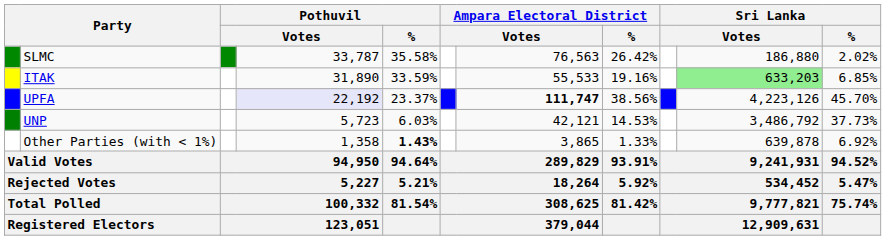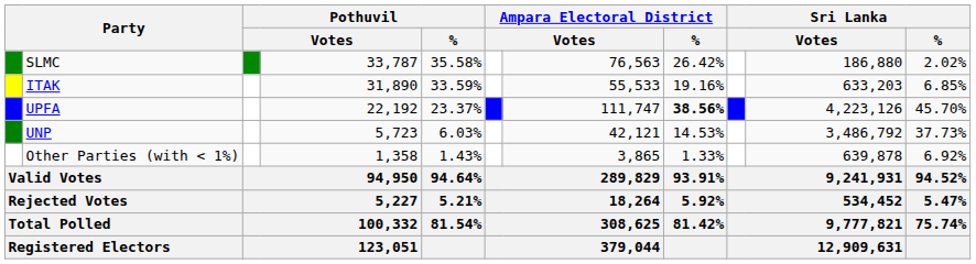 <table class="wikitable">
 <tr>
 <th colspan="2" width="144px"rowspan="2">Party</th>
 <th colspan="3" width="216px">Pothuvil</th>
 <th colspan="3" width="216px"><a href='#'>Ampara Electoral District</a></th>
 <th colspan="3" width="216px">Sri Lanka</th>
 </tr>
 <tr>
 <th colspan="2" width="144px">Votes</th>
 <th>%</th>
 <th colspan="2" width="144px">Votes</th>
 <th>%</th>
 <th colspan="2" width="144px">Votes</th>
 <th>%</th>
 </tr>
 <tr>
 <td style="background-color:#008800;" width="10px"></td>
 <td style="text-align:left;">SLMC</td>
 <td style="background-color:#008800;" width="10px"></td>
 <td style="text-align:right;">33,787</td>
 <td style="text-align:right;">35.58%</td>
 <td style="background-color:white;" width="10px"></td>
 <td style="text-align:right;">76,563</td>
 <td style="text-align:right;">26.42%</td>
 <td style="background-color:white;" width="10px"></td>
 <td style="text-align:right;">186,880</td>
 <td style="text-align:right;">2.02%</td>
 </tr>
 <tr>
 <td style="background-color:yellow;" width="10px"></td>
 <td style="text-align:left;"><a href='#'>ITAK</a></td>
 <td style="background-color:white;" width="10px"></td>
 <td style="text-align:right;">31,890</td>
 <td style="text-align:right;">33.59%</td>
 <td style="background-color:white;" width="10px"></td>
 <td style="text-align:right;">55,533</td>
 <td style="text-align:right;">19.16%</td>
 <td style="background-color:white;" width="10px"></td>
-<td style="background: lightgreen; text-align:right;">633,203</td>
+<td style="text-align:right;">633,203</td>
 <td style="text-align:right;">6.85%</td>
 </tr>
 <tr>
 <td style="background-color:blue;" width="10px"></td>
 <td style="text-align:left;"><a href='#'>UPFA</a></td>
 <td style="background-color:white;" width="10px"></td>
-<td style="background: lavender; text-align:right;">22,192</td>
+<td style="text-align:right;">22,192</td>
 <td style="text-align:right;">23.37%</td>
 <td style="background-color:blue;" width="10px"></td>
-<td style="text-align:right;"><strong>111,747</strong></td>
-<td style="text-align:right;">38.56%</td>
+<td style="text-align:right;">111,747</td>
+<td style="text-align:right;"><strong>38.56%</strong></td>
 <td style="background-color:blue;" width="10px"></td>
 <td style="text-align:right;">4,223,126</td>
 <td style="text-align:right;">45.70%</td>
 </tr>
 <tr>
 <td style="background-color:green;" width="10px"></td>
 <td style="text-align:left;"><a href='#'>UNP</a></td>
 <td style="background-color:white;" width="10px"></td>
 <td style="text-align:right;">5,723</td>
 <td style="text-align:right;">6.03%</td>
 <td style="background-color:white;" width="10px"></td>
 <td style="text-align:right;">42,121</td>
 <td style="text-align:right;">14.53%</td>
 <td style="background-color:white;" width="10px"></td>
 <td style="text-align:right;">3,486,792</td>
 <td style="text-align:right;">37.73%</td>
 </tr>
 <tr>
 <td style="background-color:white;" width="10px"></td>
 <td style="text-align:left;">Other Parties (with < 1%)</td>
 <td style="background-color:white;" width="10px"></td>
 <td style="text-align:right;">1,358</td>
-<td style="text-align:right;"><strong>1.43%</strong></td>
+<td style="text-align:right;">1.43%</td>
 <td style="background-color:white;" width="10px"></td>
 <td style="text-align:right;">3,865</td>
 <td style="text-align:right;">1.33%</td>
 <td style="background-color:white;" width="10px"></td>
 <td style="text-align:right;">639,878</td>
 <td style="text-align:right;">6.92%</td>
 </tr>
 <tr>
 <th colspan="2" width="144px"style="text-align:left;">Valid Votes</th>
 <th style="text-align:right;"colspan="2" width="144px">94,950</th>
 <th style="text-align:right;">94.64%</th>
 <th style="text-align:right;"colspan="2" width="144px">289,829</th>
 <th style="text-align:right;">93.91%</th>
 <th style="text-align:right;"colspan="2" width="144px">9,241,931</th>
 <th style="text-align:right;">94.52%</th>
 </tr>
 <tr>
 <th colspan="2" width="144px"style="text-align:left;">Rejected Votes</th>
 <th style="text-align:right;"colspan="2" width="144px">5,227</th>
 <th style="text-align:right;">5.21%</th>
 <th style="text-align:right;"colspan="2" width="144px">18,264</th>
 <th style="text-align:right;">5.92%</th>
 <th style="text-align:right;"colspan="2" width="144px">534,452</th>
 <th style="text-align:right;">5.47%</th>
 </tr>
 <tr>
 <th colspan="2" width="144px"style="text-align:left;">Total Polled</th>
 <th style="text-align:right;"colspan="2" width="144px">100,332</th>
 <th style="text-align:right;">81.54%</th>
 <th style="text-align:right;"colspan="2" width="144px">308,625</th>
 <th style="text-align:right;">81.42%</th>
 <th style="text-align:right;"colspan="2" width="144px">9,777,821</th>
 <th style="text-align:right;">75.74%</th>
 </tr>
 <tr>
 <th colspan="2" width="144px"style="text-align:left;">Registered Electors</th>
 <th style="text-align:right;"colspan="2" width="144px">123,051</th>
 <th></th>
 <th style="text-align:right;"colspan="2" width="144px">379,044</th>
 <th></th>
 <th style="text-align:right;"colspan="2" width="144px">12,909,631</th>
 <th></th>
 </tr>
 </table>
